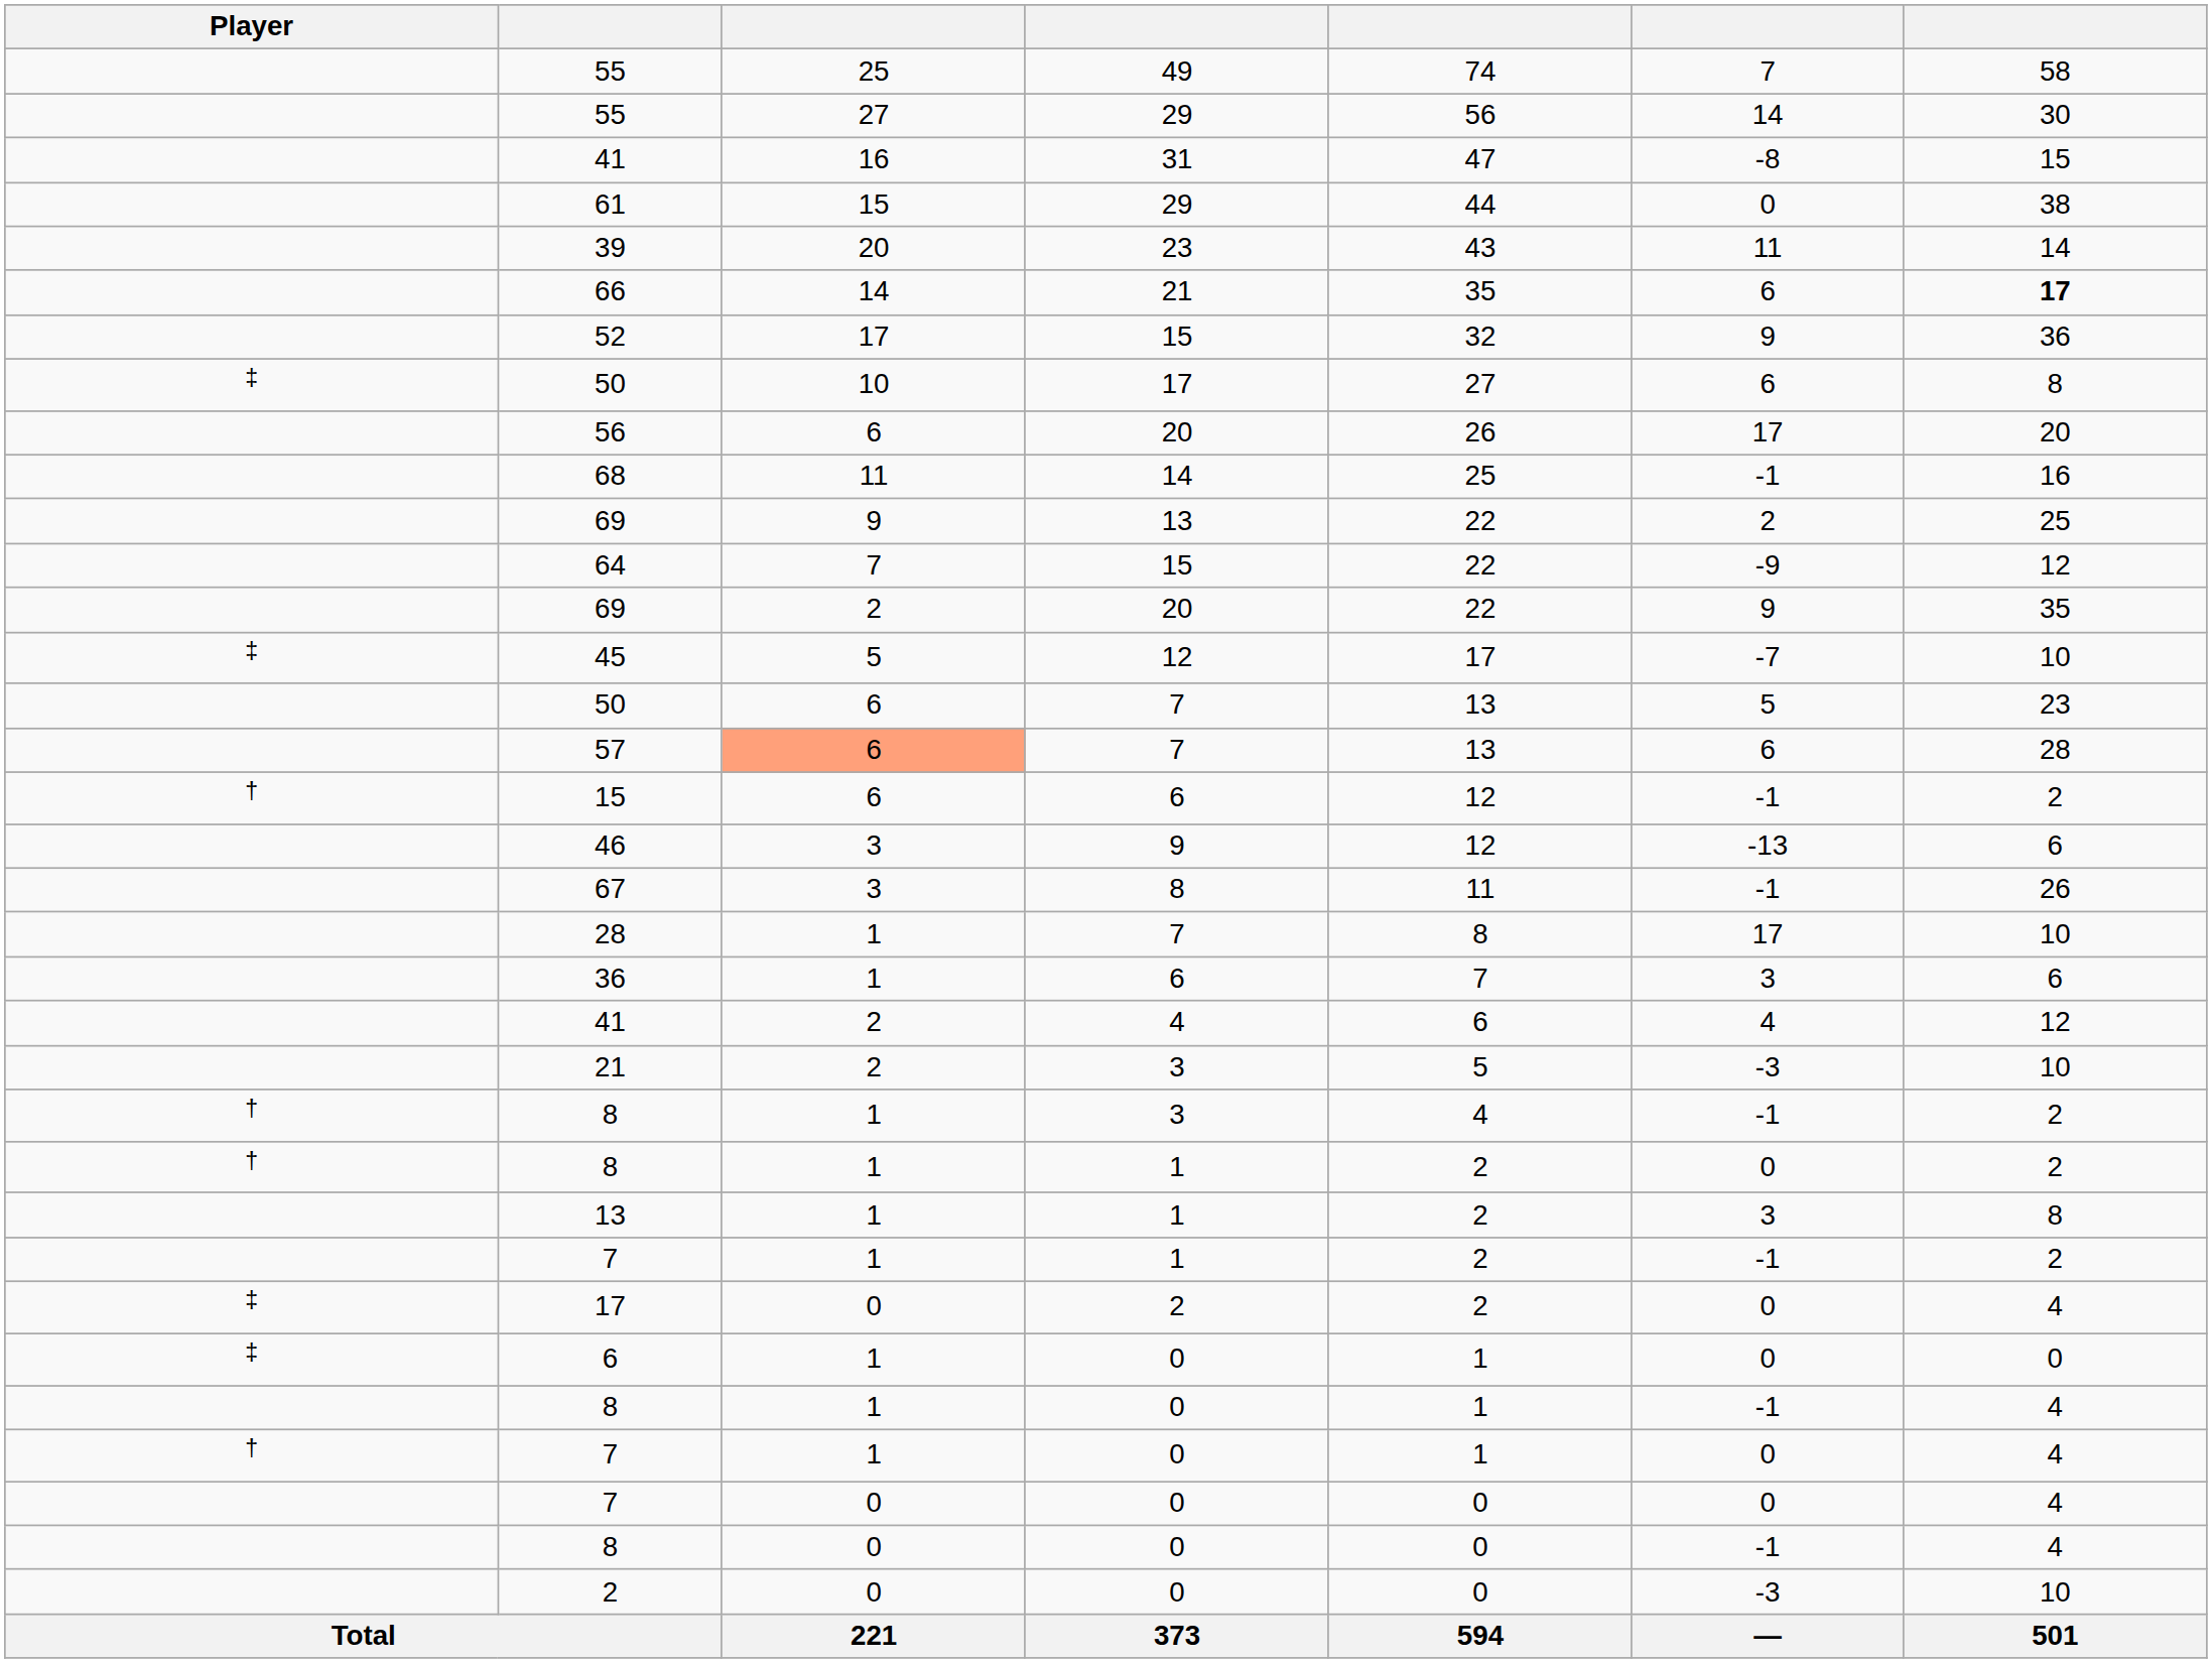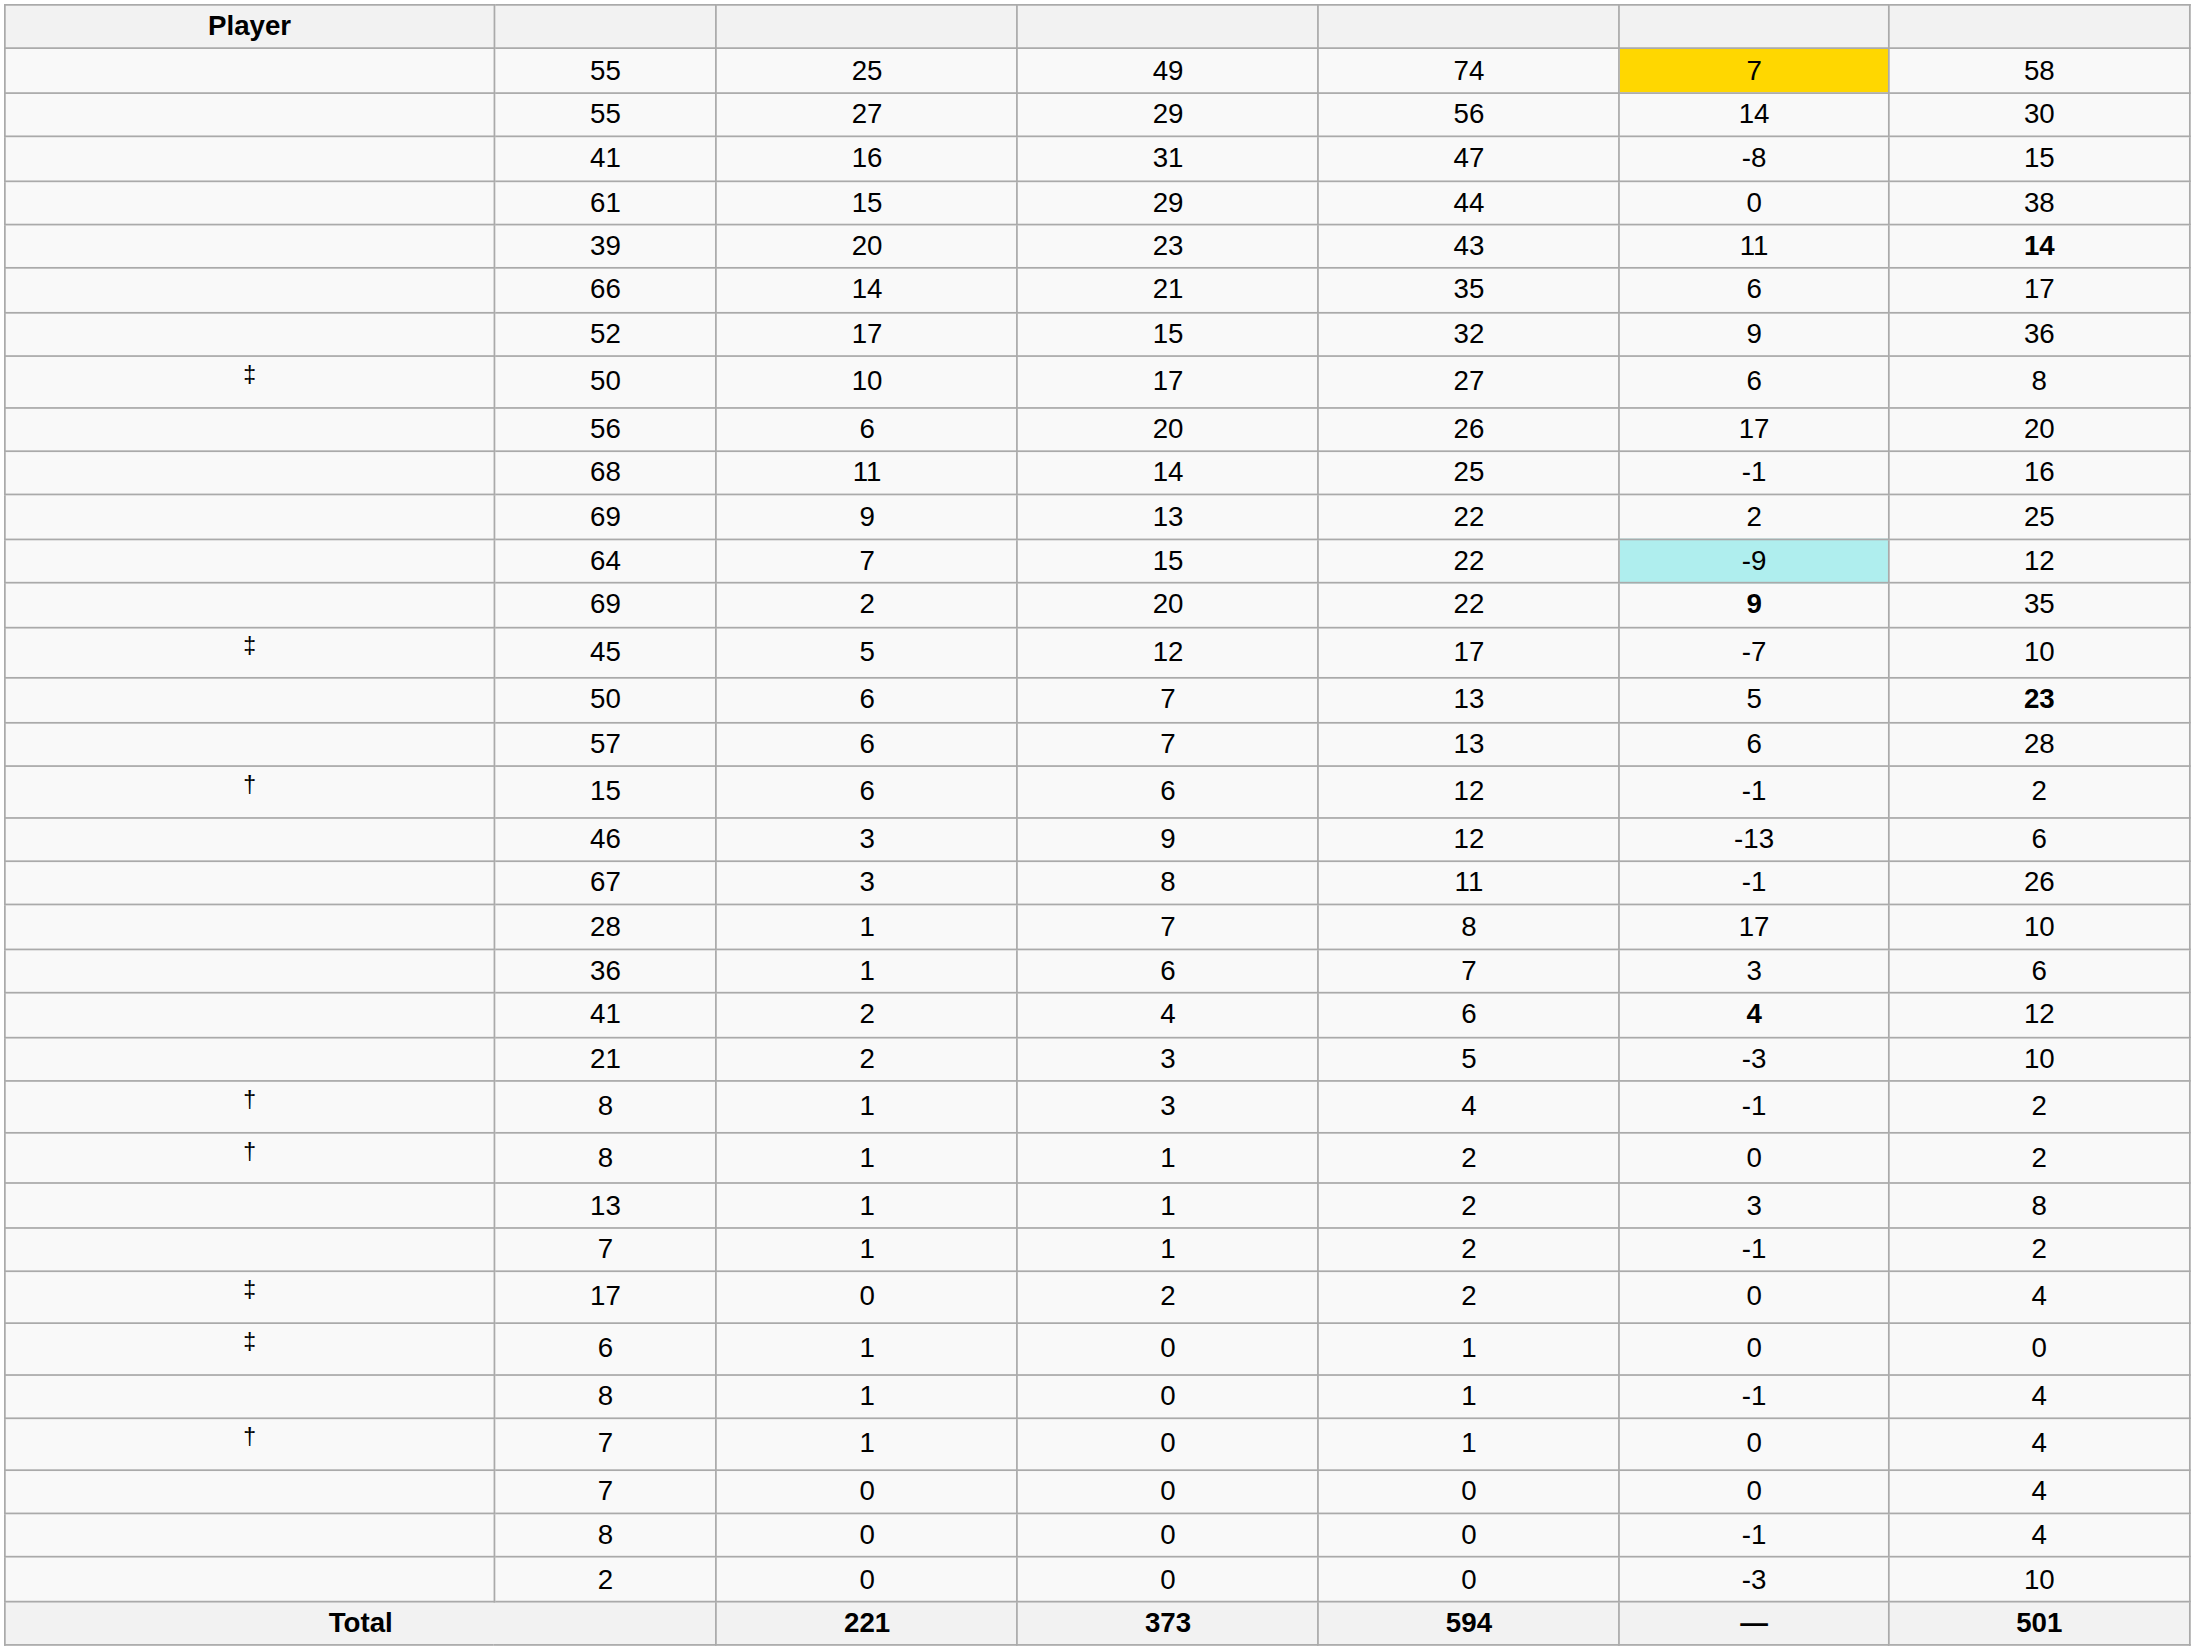 <table class="wikitable sortable" style="width:100%; text-align:center;">
 <tr align=center>
 <th>Player</th>
 <th></th>
 <th></th>
 <th></th>
 <th></th>
 <th data-sort-type="number"></th>
 <th></th>
 </tr>
 <tr>
 <td></td>
 <td>55</td>
 <td>25</td>
 <td>49</td>
 <td>74</td>
-<td>7</td>
+<td style="background: gold;">7</td>
 <td>58</td>
 </tr>
 <tr>
 <td></td>
 <td>55</td>
 <td>27</td>
 <td>29</td>
 <td>56</td>
 <td>14</td>
 <td>30</td>
 </tr>
 <tr>
 <td></td>
 <td>41</td>
 <td>16</td>
 <td>31</td>
 <td>47</td>
 <td>-8</td>
 <td>15</td>
 </tr>
 <tr>
 <td></td>
 <td>61</td>
 <td>15</td>
 <td>29</td>
 <td>44</td>
 <td>0</td>
 <td>38</td>
 </tr>
 <tr>
 <td></td>
 <td>39</td>
 <td>20</td>
 <td>23</td>
 <td>43</td>
 <td>11</td>
-<td>14</td>
+<td><strong>14</strong></td>
 </tr>
 <tr>
 <td></td>
 <td>66</td>
 <td>14</td>
 <td>21</td>
 <td>35</td>
 <td>6</td>
-<td><strong>17</strong></td>
+<td>17</td>
 </tr>
 <tr>
 <td></td>
 <td>52</td>
 <td>17</td>
 <td>15</td>
 <td>32</td>
 <td>9</td>
 <td>36</td>
 </tr>
 <tr>
 <td><sup>‡</sup></td>
 <td>50</td>
 <td>10</td>
 <td>17</td>
 <td>27</td>
 <td>6</td>
 <td>8</td>
 </tr>
 <tr>
 <td></td>
 <td>56</td>
 <td>6</td>
 <td>20</td>
 <td>26</td>
 <td>17</td>
 <td>20</td>
 </tr>
 <tr>
 <td></td>
 <td>68</td>
 <td>11</td>
 <td>14</td>
 <td>25</td>
 <td>-1</td>
 <td>16</td>
 </tr>
 <tr>
 <td></td>
 <td>69</td>
 <td>9</td>
 <td>13</td>
 <td>22</td>
 <td>2</td>
 <td>25</td>
 </tr>
 <tr>
 <td></td>
 <td>64</td>
 <td>7</td>
 <td>15</td>
 <td>22</td>
-<td>-9</td>
+<td style="background: paleturquoise;">-9</td>
 <td>12</td>
 </tr>
 <tr>
 <td></td>
 <td>69</td>
 <td>2</td>
 <td>20</td>
 <td>22</td>
-<td>9</td>
+<td><strong>9</strong></td>
 <td>35</td>
 </tr>
 <tr>
 <td><sup>‡</sup></td>
 <td>45</td>
 <td>5</td>
 <td>12</td>
 <td>17</td>
 <td>-7</td>
 <td>10</td>
 </tr>
 <tr>
 <td></td>
 <td>50</td>
 <td>6</td>
 <td>7</td>
 <td>13</td>
 <td>5</td>
-<td>23</td>
+<td><strong>23</strong></td>
 </tr>
 <tr>
 <td></td>
 <td>57</td>
-<td style="background: lightsalmon;">6</td>
+<td>6</td>
 <td>7</td>
 <td>13</td>
 <td>6</td>
 <td>28</td>
 </tr>
 <tr>
 <td><sup>†</sup></td>
 <td>15</td>
 <td>6</td>
 <td>6</td>
 <td>12</td>
 <td>-1</td>
 <td>2</td>
 </tr>
 <tr>
 <td></td>
 <td>46</td>
 <td>3</td>
 <td>9</td>
 <td>12</td>
 <td>-13</td>
 <td>6</td>
 </tr>
 <tr>
 <td></td>
 <td>67</td>
 <td>3</td>
 <td>8</td>
 <td>11</td>
 <td>-1</td>
 <td>26</td>
 </tr>
 <tr>
 <td></td>
 <td>28</td>
 <td>1</td>
 <td>7</td>
 <td>8</td>
 <td>17</td>
 <td>10</td>
 </tr>
 <tr>
 <td></td>
 <td>36</td>
 <td>1</td>
 <td>6</td>
 <td>7</td>
 <td>3</td>
 <td>6</td>
 </tr>
 <tr>
 <td></td>
 <td>41</td>
 <td>2</td>
 <td>4</td>
 <td>6</td>
-<td>4</td>
+<td><strong>4</strong></td>
 <td>12</td>
 </tr>
 <tr>
 <td></td>
 <td>21</td>
 <td>2</td>
 <td>3</td>
 <td>5</td>
 <td>-3</td>
 <td>10</td>
 </tr>
 <tr>
 <td><sup>†</sup></td>
 <td>8</td>
 <td>1</td>
 <td>3</td>
 <td>4</td>
 <td>-1</td>
 <td>2</td>
 </tr>
 <tr>
 <td><sup>†</sup></td>
 <td>8</td>
 <td>1</td>
 <td>1</td>
 <td>2</td>
 <td>0</td>
 <td>2</td>
 </tr>
 <tr>
 <td></td>
 <td>13</td>
 <td>1</td>
 <td>1</td>
 <td>2</td>
 <td>3</td>
 <td>8</td>
 </tr>
 <tr>
 <td></td>
 <td>7</td>
 <td>1</td>
 <td>1</td>
 <td>2</td>
 <td>-1</td>
 <td>2</td>
 </tr>
 <tr>
 <td><sup>‡</sup></td>
 <td>17</td>
 <td>0</td>
 <td>2</td>
 <td>2</td>
 <td>0</td>
 <td>4</td>
 </tr>
 <tr>
 <td><sup>‡</sup></td>
 <td>6</td>
 <td>1</td>
 <td>0</td>
 <td>1</td>
 <td>0</td>
 <td>0</td>
 </tr>
 <tr>
 <td></td>
 <td>8</td>
 <td>1</td>
 <td>0</td>
 <td>1</td>
 <td>-1</td>
 <td>4</td>
 </tr>
 <tr>
 <td><sup>†</sup></td>
 <td>7</td>
 <td>1</td>
 <td>0</td>
 <td>1</td>
 <td>0</td>
 <td>4</td>
 </tr>
 <tr>
 <td></td>
 <td>7</td>
 <td>0</td>
 <td>0</td>
 <td>0</td>
 <td>0</td>
 <td>4</td>
 </tr>
 <tr>
 <td></td>
 <td>8</td>
 <td>0</td>
 <td>0</td>
 <td>0</td>
 <td>-1</td>
 <td>4</td>
 </tr>
 <tr>
 <td></td>
 <td>2</td>
 <td>0</td>
 <td>0</td>
 <td>0</td>
 <td>-3</td>
 <td>10</td>
 </tr>
 <tr class="sortbottom">
 <th colspan=2>Total</th>
 <th>221</th>
 <th>373</th>
 <th>594</th>
 <th>—</th>
 <th>501</th>
 </tr>
 </table>
